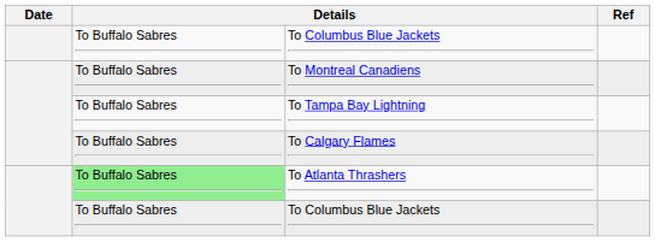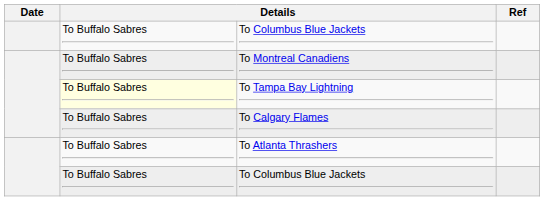 <table class="wikitable plainrowheaders" style="width: 50em;">
 <tr>
 <th scope="col">Date</th>
 <th scope="col" colspan="2">Details</th>
 <th scope="col">Ref</th>
 </tr>
 <tr>
 <th scope="row"></th>
 <td valign="top">To Buffalo Sabres <hr> </td>
 <td valign="top">To <a href='#'>Columbus Blue Jackets</a> <hr> </td>
 <td></td>
 </tr>
 <tr bgcolor="#eeeeee">
 <th scope="row" rowspan=3></th>
 <td valign="top">To Buffalo Sabres <hr> </td>
 <td valign="top">To <a href='#'>Montreal Canadiens</a> <hr> </td>
 <td></td>
 </tr>
 <tr>
-<td valign="top">To Buffalo Sabres <hr> </td>
+<td valign="top" style="background: lightyellow;">To Buffalo Sabres <hr> </td>
 <td valign="top">To <a href='#'>Tampa Bay Lightning</a> <hr> </td>
 <td></td>
 </tr>
 <tr bgcolor="#eeeeee">
 <td valign="top">To Buffalo Sabres <hr> </td>
 <td valign="top">To <a href='#'>Calgary Flames</a> <hr> </td>
 <td></td>
 </tr>
 <tr>
 <th scope="row" rowspan=2></th>
-<td valign="top" style="background: lightgreen;">To Buffalo Sabres <hr> </td>
+<td valign="top">To Buffalo Sabres <hr> </td>
 <td valign="top">To <a href='#'>Atlanta Thrashers</a> <hr> </td>
 <td></td>
 </tr>
 <tr bgcolor="#eeeeee">
 <td valign="top">To Buffalo Sabres <hr> </td>
 <td valign="top">To Columbus Blue Jackets <hr> </td>
 <td></td>
 </tr>
 </table>
